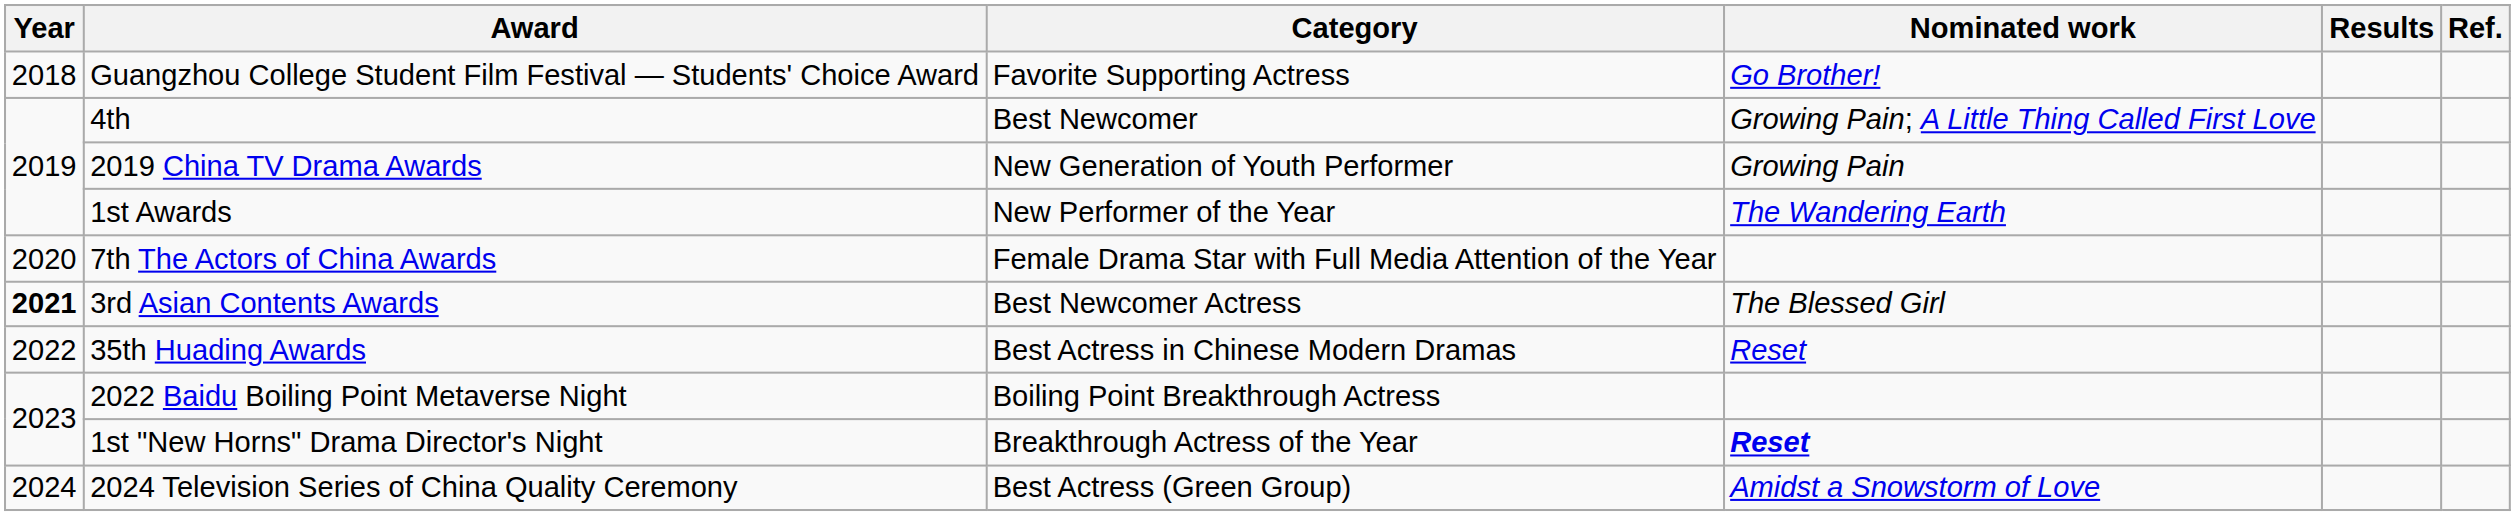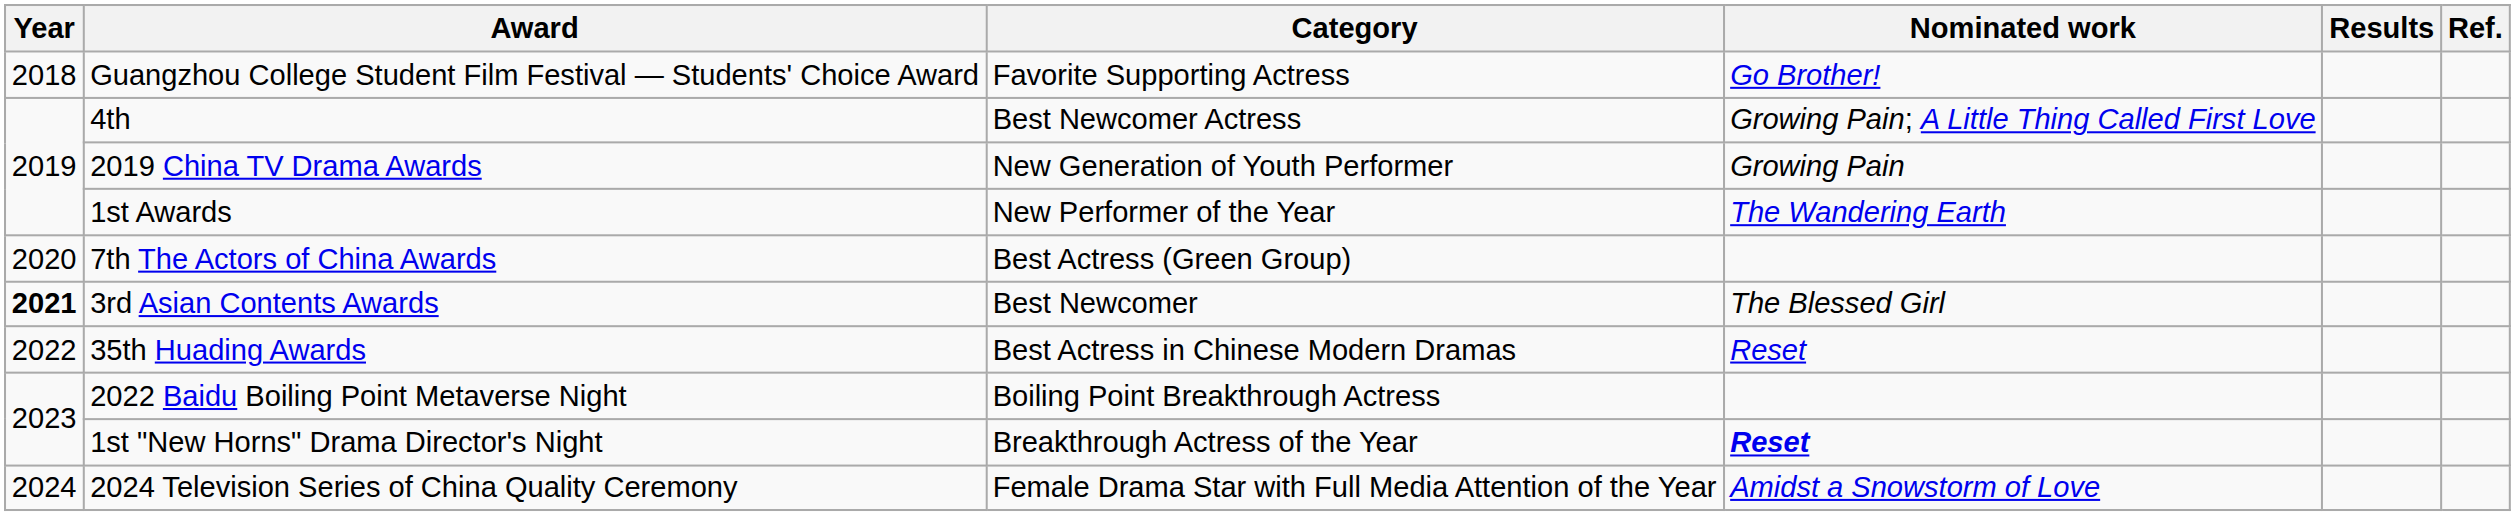 <table class="wikitable sortable" style="font-size:90%">
 <tr>
 <th>Year</th>
 <th>Award</th>
 <th>Category</th>
 <th>Nominated work</th>
 <th>Results</th>
 <th class="unsortable">Ref.</th>
 </tr>
 <tr>
 <td>2018</td>
 <td>Guangzhou College Student Film Festival — Students' Choice Award</td>
 <td>Favorite Supporting Actress</td>
 <td><em><a href='#'>Go Brother!</a></em></td>
 <td></td>
 <td></td>
 </tr>
 <tr>
 <td rowspan="3">2019</td>
 <td>4th </td>
-<td>Best Newcomer</td>
+<td>Best Newcomer Actress</td>
 <td><em>Growing Pain</em>; <em><a href='#'>A Little Thing Called First Love</a></em></td>
 <td></td>
 <td></td>
 </tr>
 <tr>
 <td>2019 <a href='#'>China TV Drama Awards</a></td>
 <td>New Generation of Youth Performer</td>
 <td><em>Growing Pain</em></td>
 <td></td>
 <td></td>
 </tr>
 <tr>
 <td>1st  Awards</td>
 <td>New Performer of the Year</td>
 <td><em><a href='#'>The Wandering Earth</a></em></td>
 <td></td>
 <td></td>
 </tr>
 <tr>
 <td>2020</td>
 <td>7th <a href='#'>The Actors of China Awards</a></td>
-<td>Female Drama Star with Full Media Attention of the Year</td>
+<td>Best Actress (Green Group)</td>
 <td></td>
 <td></td>
 <td></td>
 </tr>
 <tr>
 <td><strong>2021</strong></td>
 <td>3rd <a href='#'>Asian Contents Awards</a></td>
-<td>Best Newcomer Actress</td>
+<td>Best Newcomer</td>
 <td><em>The Blessed Girl</em></td>
 <td></td>
 <td></td>
 </tr>
 <tr>
 <td>2022</td>
 <td>35th <a href='#'>Huading Awards</a></td>
 <td>Best Actress in Chinese Modern Dramas</td>
 <td><em><a href='#'>Reset</a></em></td>
 <td></td>
 <td></td>
 </tr>
 <tr>
 <td rowspan="2">2023</td>
 <td>2022 <a href='#'>Baidu</a> Boiling Point Metaverse Night</td>
 <td>Boiling Point Breakthrough Actress</td>
 <td></td>
 <td></td>
 <td></td>
 </tr>
 <tr>
 <td>1st "New Horns" Drama Director's Night</td>
 <td>Breakthrough Actress of the Year</td>
 <td><strong><em><a href='#'>Reset</a></em></strong></td>
 <td></td>
 <td></td>
 </tr>
 <tr>
 <td>2024</td>
 <td>2024 Television Series of China Quality Ceremony</td>
-<td>Best Actress (Green Group)</td>
+<td>Female Drama Star with Full Media Attention of the Year</td>
 <td><em><a href='#'>Amidst a Snowstorm of Love</a></em></td>
 <td></td>
 <td></td>
 </tr>
 </table>
